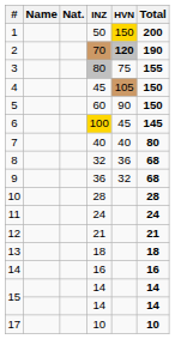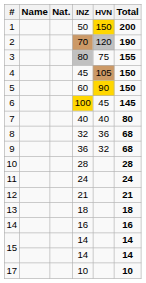 <table class="wikitable sortable" style="text-align:center;">
 <tr>
 <th>#</th>
 <th>Name</th>
 <th>Nat.</th>
 <th><small>INZ</small></th>
 <th><small>HVN</small></th>
 <th>Total</th>
 </tr>
 <tr>
 <td>1</td>
 <td align=left></td>
 <td></td>
 <td>50</td>
 <td bgcolor=gold>150</td>
 <td><strong>200</strong></td>
 </tr>
 <tr>
 <td>2</td>
 <td align=left></td>
 <td></td>
 <td bgcolor=cc9966>70</td>
-<td bgcolor=silver><strong>120</strong></td>
+<td bgcolor=silver>120</td>
 <td><strong>190</strong></td>
 </tr>
 <tr>
 <td>3</td>
 <td align=left></td>
 <td></td>
 <td bgcolor=silver>80</td>
 <td>75</td>
 <td><strong>155</strong></td>
 </tr>
 <tr>
 <td>4</td>
 <td align=left></td>
 <td></td>
 <td>45</td>
 <td bgcolor=cc9966>105</td>
 <td><strong>150</strong></td>
 </tr>
 <tr>
 <td>5</td>
 <td align=left></td>
 <td></td>
 <td>60</td>
-<td>90</td>
+<td style="background: gold;">90</td>
 <td><strong>150</strong></td>
 </tr>
 <tr>
 <td>6</td>
 <td align=left></td>
 <td></td>
 <td bgcolor=gold>100</td>
 <td>45</td>
 <td><strong>145</strong></td>
 </tr>
 <tr>
 <td>7</td>
 <td align=left></td>
 <td></td>
 <td>40</td>
 <td>40</td>
 <td><strong>80</strong></td>
 </tr>
 <tr>
 <td>8</td>
 <td align=left></td>
 <td></td>
 <td>32</td>
 <td>36</td>
 <td><strong>68</strong></td>
 </tr>
 <tr>
 <td>9</td>
 <td align=left></td>
 <td></td>
 <td>36</td>
 <td>32</td>
 <td><strong>68</strong></td>
 </tr>
 <tr>
 <td>10</td>
 <td align=left></td>
 <td></td>
 <td>28</td>
 <td></td>
 <td><strong>28</strong></td>
 </tr>
 <tr>
 <td>11</td>
 <td align=left></td>
 <td></td>
 <td>24</td>
 <td></td>
 <td><strong>24</strong></td>
 </tr>
 <tr>
 <td>12</td>
 <td align=left></td>
 <td></td>
 <td>21</td>
 <td></td>
 <td><strong>21</strong></td>
 </tr>
 <tr>
 <td>13</td>
 <td align=left></td>
 <td></td>
 <td>18</td>
 <td></td>
 <td><strong>18</strong></td>
 </tr>
 <tr>
 <td>14</td>
 <td align=left></td>
 <td></td>
 <td>16</td>
 <td></td>
 <td><strong>16</strong></td>
 </tr>
 <tr>
 <td rowspan=2>15</td>
 <td align=left></td>
 <td></td>
 <td>14</td>
 <td></td>
 <td><strong>14</strong></td>
 </tr>
 <tr>
 <td align=left></td>
 <td></td>
 <td>14</td>
 <td></td>
 <td><strong>14</strong></td>
 </tr>
 <tr>
 <td>17</td>
 <td align=left></td>
 <td></td>
 <td>10</td>
 <td></td>
 <td><strong>10</strong></td>
 </tr>
 </table>
